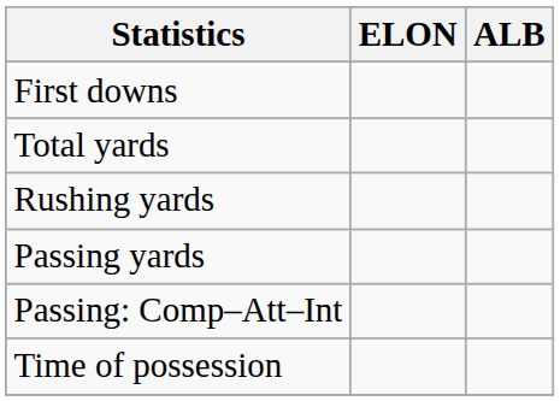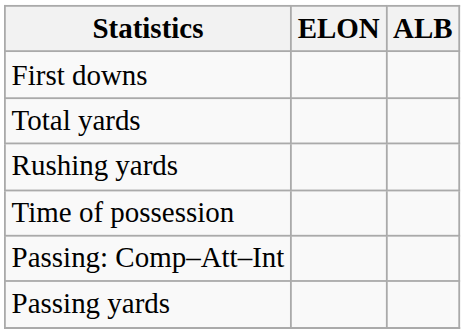 <table class="wikitable" style="float: left;">
 <tr>
 <th>Statistics</th>
 <th>ELON</th>
 <th>ALB</th>
 </tr>
 <tr>
 <td>First downs</td>
 <td></td>
 <td></td>
 </tr>
 <tr>
 <td>Total yards</td>
 <td></td>
 <td></td>
 </tr>
 <tr>
 <td>Rushing yards</td>
 <td></td>
 <td></td>
 </tr>
 <tr>
-<td>Passing yards</td>
+<td>Time of possession</td>
 <td></td>
 <td></td>
 </tr>
 <tr>
 <td>Passing: Comp–Att–Int</td>
 <td></td>
 <td></td>
 </tr>
 <tr>
-<td>Time of possession</td>
+<td>Passing yards</td>
 <td></td>
 <td></td>
 </tr>
 <tr>
 </tr>
 </table>
